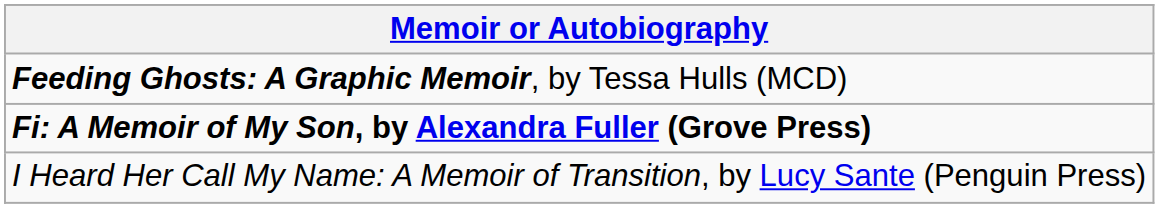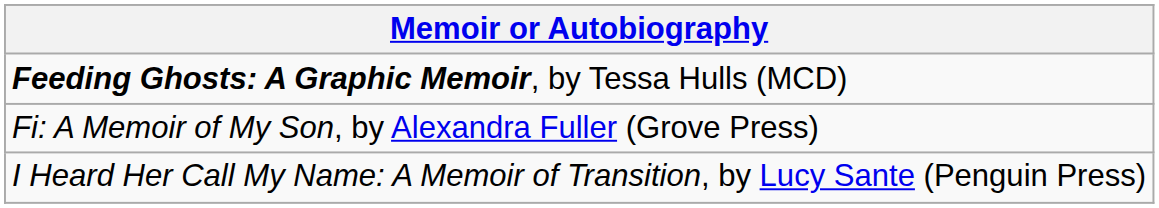 <table class="wikitable" style="float:left; float:none;">
 <tr>
 <th><a href='#'>Memoir or Autobiography</a></th>
 </tr>
 <tr>
 <td><strong><em>Feeding Ghosts: A Graphic Memoir</em></strong>, by Tessa Hulls (MCD)</td>
 </tr>
 <tr>
-<td><strong><em>Fi: A Memoir of My Son</em>, by <a href='#'>Alexandra Fuller</a> (Grove Press)</strong></td>
+<td><em>Fi: A Memoir of My Son</em>, by <a href='#'>Alexandra Fuller</a> (Grove Press)</td>
 </tr>
 <tr>
 <td><em>I Heard Her Call My Name: A Memoir of Transition</em>, by <a href='#'>Lucy Sante</a> (Penguin Press)</td>
 </tr>
 </table>
